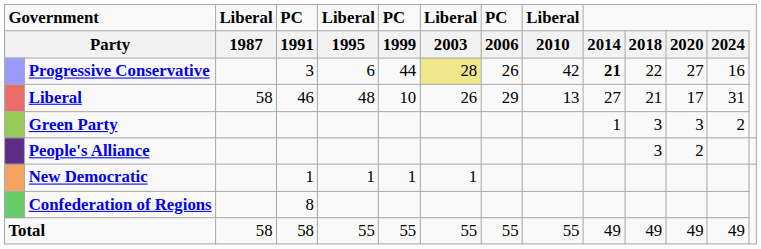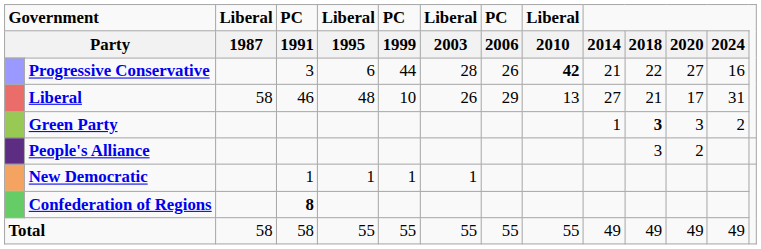 <table class="wikitable">
 <tr>
 <td colspan = "2"><strong>Government</strong></td>
 <td><strong>Liberal</strong></td>
 <td><strong>PC</strong></td>
 <td><strong>Liberal</strong></td>
 <td><strong>PC</strong></td>
 <td><strong>Liberal</strong></td>
 <td><strong>PC</strong></td>
 <td><strong>Liberal</strong></td>
 </tr>
 <tr>
 <th colspan = "2">Party</th>
 <th>1987</th>
 <th>1991</th>
 <th>1995</th>
 <th>1999</th>
 <th>2003</th>
 <th>2006</th>
 <th>2010</th>
 <th>2014</th>
 <th>2018</th>
 <th>2020</th>
 <th>2024</th>
 </tr>
 <tr align = "right">
 <td bgcolor="#9999FF">   </td>
 <td align="left"><strong><a href='#'>Progressive Conservative</a></strong></td>
 <td></td>
 <td>3</td>
 <td>6</td>
 <td>44</td>
-<td style="background: khaki;">28</td>
+<td>28</td>
 <td>26</td>
-<td>42</td>
-<td><strong>21</strong></td>
+<td><strong>42</strong></td>
+<td>21</td>
 <td>22</td>
 <td>27</td>
 <td>16</td>
 </tr>
 <tr align = "right">
 <td bgcolor="#EA6D6A">   </td>
 <td align="left"><strong><a href='#'>Liberal</a></strong></td>
 <td>58</td>
 <td>46</td>
 <td>48</td>
 <td>10</td>
 <td>26</td>
 <td>29</td>
 <td>13</td>
 <td>27</td>
 <td>21</td>
 <td>17</td>
 <td>31</td>
 </tr>
 <tr align = "right">
 <td bgcolor="#99C955">   </td>
 <td align="left"><strong><a href='#'>Green Party</a></strong></td>
 <td></td>
 <td></td>
 <td></td>
 <td></td>
 <td></td>
 <td></td>
 <td></td>
 <td>1</td>
-<td>3</td>
+<td><strong>3</strong></td>
 <td>3</td>
 <td>2</td>
 </tr>
 <tr align = "right">
 <td bgcolor="#5C2D83">   </td>
 <td align="left"><strong><a href='#'>People's Alliance</a></strong></td>
 <td></td>
 <td></td>
 <td></td>
 <td></td>
 <td></td>
 <td></td>
 <td></td>
 <td></td>
 <td>3</td>
 <td>2</td>
 <td></td>
 <td></td>
 </tr>
 <tr align = "right">
 <td bgcolor="sandybrown">   </td>
 <td align="left"><strong><a href='#'>New Democratic</a></strong></td>
 <td></td>
 <td>1</td>
 <td>1</td>
 <td>1</td>
 <td>1</td>
 <td></td>
 <td></td>
 <td></td>
 <td></td>
 <td></td>
 <td></td>
 </tr>
 <tr align = "right">
 <td bgcolor="#66CC66">   </td>
 <td align="left"><strong><a href='#'>Confederation of Regions</a></strong></td>
 <td></td>
-<td>8</td>
+<td><strong>8</strong></td>
 <td></td>
 <td></td>
 <td></td>
 <td></td>
 <td></td>
 <td></td>
 <td></td>
 <td></td>
 <td></td>
 </tr>
 <tr align = "right">
 <td colspan = "2" align="left"><strong>Total</strong></td>
 <td>58</td>
 <td>58</td>
 <td>55</td>
 <td>55</td>
 <td>55</td>
 <td>55</td>
 <td>55</td>
 <td>49</td>
 <td>49</td>
 <td>49</td>
 <td>49</td>
 </tr>
 </table>
